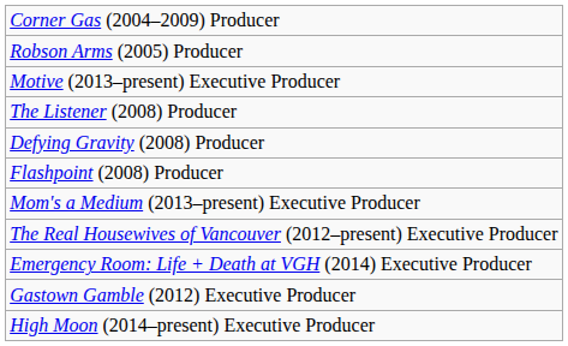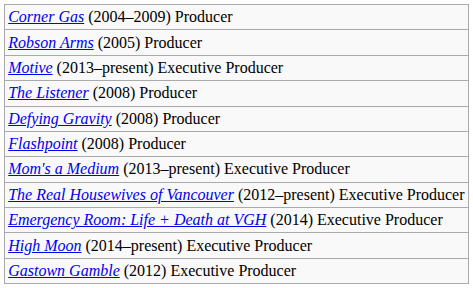 <table class="wikitable">
 <tr>
 <td><em><a href='#'>Corner Gas</a></em>  (2004–2009) Producer</td>
 </tr>
 <tr>
 <td><em><a href='#'>Robson Arms</a></em> (2005) Producer</td>
 </tr>
 <tr>
 <td><em><a href='#'>Motive</a></em> (2013–present) Executive Producer</td>
 </tr>
 <tr>
 <td><em><a href='#'>The Listener</a></em> (2008) Producer</td>
 </tr>
 <tr>
 <td><em><a href='#'>Defying Gravity</a></em> (2008) Producer</td>
 </tr>
 <tr>
 <td><em><a href='#'>Flashpoint</a></em> (2008) Producer</td>
 </tr>
 <tr>
 <td><em><a href='#'>Mom's a Medium</a></em> (2013–present) Executive Producer</td>
 </tr>
 <tr>
 <td><em><a href='#'>The Real Housewives of Vancouver</a></em> (2012–present) Executive Producer</td>
 </tr>
 <tr>
 <td><em><a href='#'>Emergency Room: Life + Death at VGH</a></em> (2014) Executive Producer</td>
 </tr>
 <tr>
+<td><em><a href='#'>High Moon</a></em> (2014–present) Executive Producer</td>
+</tr>
+<tr>
 <td><em><a href='#'>Gastown Gamble</a></em> (2012) Executive Producer</td>
 </tr>
-<tr>
-<td><em><a href='#'>High Moon</a></em> (2014–present) Executive Producer</td>
-</tr>
 </table>
